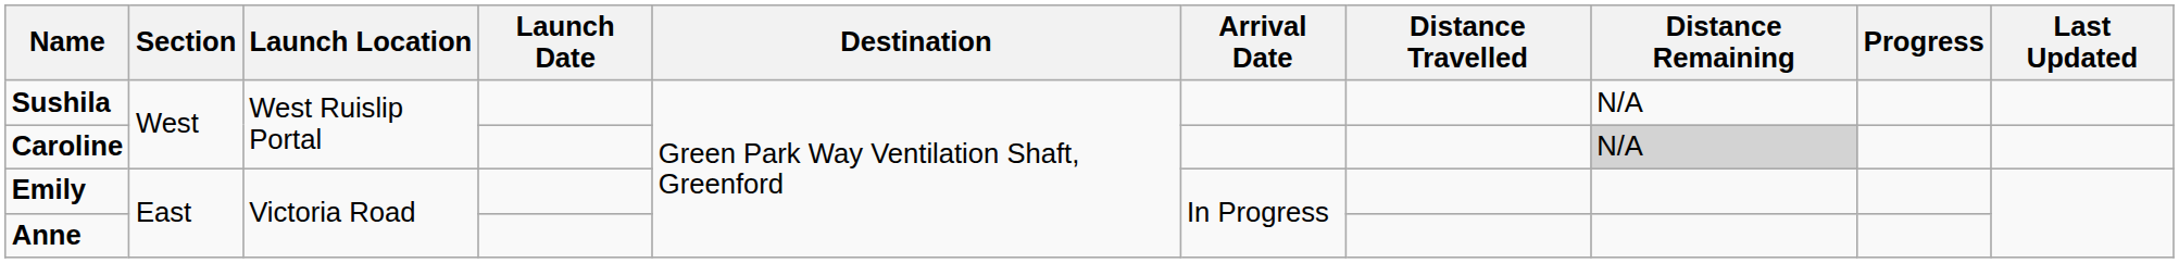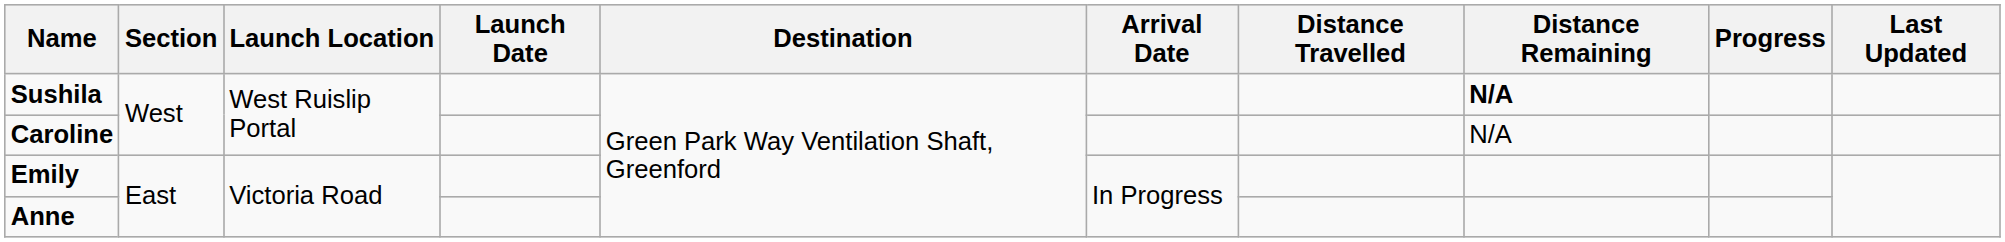 <table class="wikitable">
 <tr>
 <th>Name</th>
 <th>Section</th>
 <th>Launch Location</th>
 <th>Launch Date</th>
 <th>Destination</th>
 <th>Arrival Date</th>
 <th>Distance Travelled</th>
 <th>Distance Remaining</th>
 <th>Progress</th>
 <th>Last Updated</th>
 </tr>
 <tr>
 <td><strong>Sushila</strong></td>
 <td rowspan=2>West</td>
 <td rowspan=2>West Ruislip Portal</td>
 <td></td>
 <td rowspan=4>Green Park Way Ventilation Shaft, Greenford</td>
 <td></td>
 <td></td>
-<td>N/A</td>
+<td><strong>N/A</strong></td>
 <td></td>
 <td></td>
 </tr>
 <tr>
 <td><strong>Caroline</strong></td>
 <td></td>
 <td></td>
 <td></td>
-<td style="background: lightgrey;">N/A</td>
+<td>N/A</td>
 <td></td>
 <td></td>
 </tr>
 <tr>
 <td><strong>Emily</strong></td>
 <td rowspan=2>East</td>
 <td rowspan=2>Victoria Road</td>
 <td></td>
 <td rowspan=2>In Progress</td>
 <td></td>
 <td></td>
 <td></td>
 <td rowspan=2></td>
 </tr>
 <tr>
 <td><strong>Anne</strong></td>
 <td></td>
 <td></td>
 <td></td>
 <td></td>
 </tr>
 </table>
